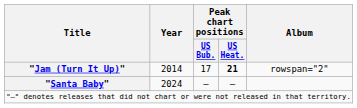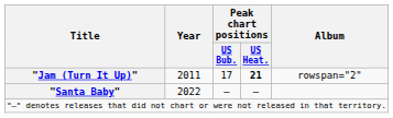 <table class="wikitable plainrowheaders" style="text-align:center;">
 <tr>
 <th scope="col" rowspan="2" style="width:16em;">Title</th>
 <th scope="col" rowspan="2">Year</th>
 <th scope="col" colspan="2">Peak chart<br>positions</th>
 <th scope="col" rowspan="2">Album</th>
 </tr>
 <tr>
 <th scope="col" style="width:2.7em;font-size:90%;"><a href='#'>US Bub.</a><br></th>
 <th scope="col" style="width:2.7em;font-size:90%;"><a href='#'>US<br>Heat.</a><br></th>
 </tr>
 <tr>
 <th scope="row">"<a href='#'>Jam (Turn It Up)</a>"</th>
-<td>2014</td>
+<td>2011</td>
 <td>17</td>
 <td><strong>21</strong></td>
 <td>rowspan="2"</td>
 </tr>
 <tr>
 <th scope="row">"<a href='#'>Santa Baby</a>"</th>
-<td>2024</td>
+<td>2022</td>
 <td>—</td>
 <td>—</td>
 </tr>
 <tr>
 <td colspan="5" style="text-align:center; font-size:8pt;">"—" denotes releases that did not chart or were not released in that territory.</td>
 </tr>
 </table>
